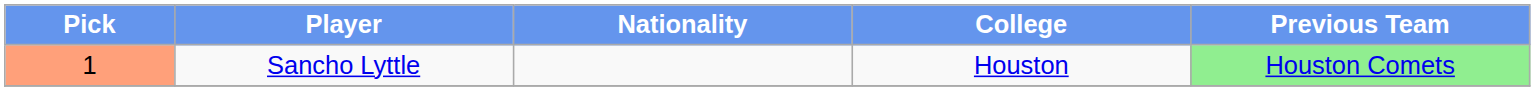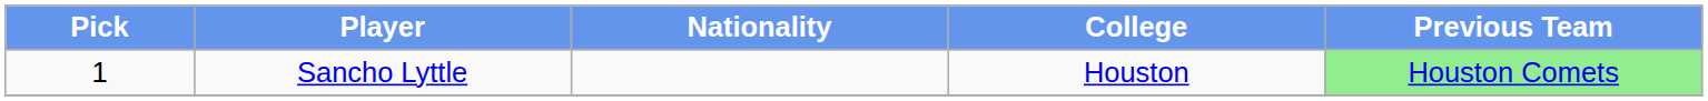 <table class="wikitable" style="text-align:center; width:60em">
 <tr>
 <th style="background:#6495ED; color:white;" width="5%">Pick</th>
 <th style="background:#6495ED; color:white;" width="10%">Player</th>
 <th style="background:#6495ED; color:white;" width="10%">Nationality</th>
 <th style="background:#6495ED; color:white;" width="10%">College</th>
 <th style="background:#6495ED; color:white;" width="10%">Previous Team</th>
 </tr>
 <tr>
-<td style="background: lightsalmon;">1</td>
+<td>1</td>
 <td><a href='#'>Sancho Lyttle</a></td>
 <td></td>
 <td><a href='#'>Houston</a></td>
 <td style="background: lightgreen;"><a href='#'>Houston Comets</a></td>
 </tr>
 <tr>
 </tr>
 </table>
